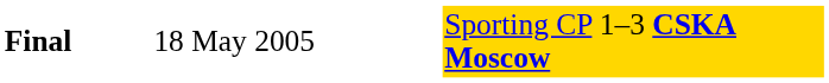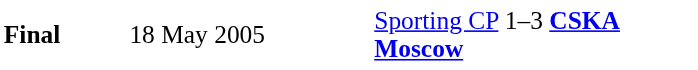 <table>
 <tr ---->
 <td width="75"></td>
 </tr>
 <tr ---->
 <td width="75"></td>
 <td width="150"></td>
 <td width="200"></td>
 </tr>
 <tr ---->
 <td><strong>Final</strong></td>
 <td>18 May 2005</td>
-<td style="background: gold;"><a href='#'>Sporting CP</a> 1–3 <strong><a href='#'>CSKA Moscow</a></strong></td>
+<td><a href='#'>Sporting CP</a> 1–3 <strong><a href='#'>CSKA Moscow</a></strong></td>
 </tr>
 </table>
